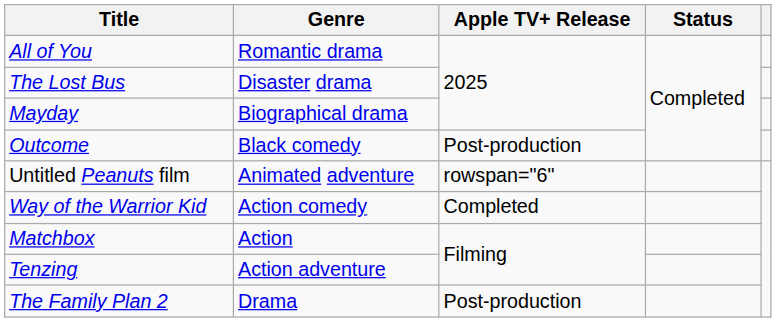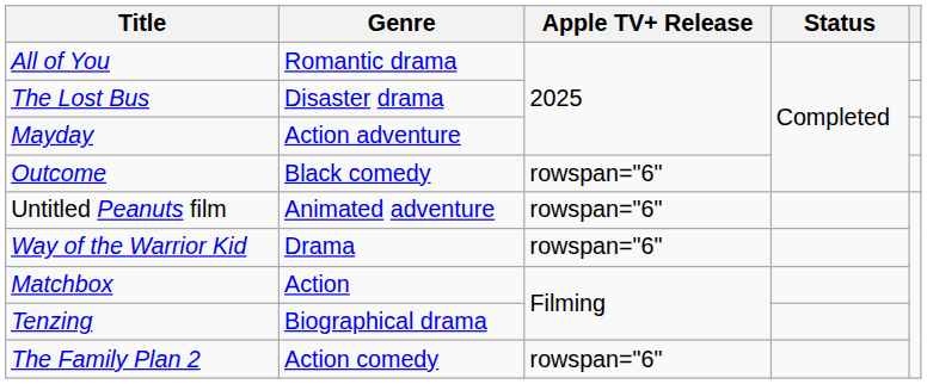 <table class="wikitable sortable" style="width:100%">
 <tr>
 <th>Title</th>
 <th>Genre</th>
 <th>Apple TV+ Release</th>
 <th>Status</th>
 <th></th>
 </tr>
 <tr>
 <td><em><a href='#'>All of You</a></em></td>
 <td><a href='#'>Romantic drama</a></td>
 <td rowspan="3">2025</td>
 <td rowspan="4">Completed</td>
 <td></td>
 </tr>
 <tr>
 <td><em><a href='#'>The Lost Bus</a></em></td>
 <td><a href='#'>Disaster</a> <a href='#'>drama</a></td>
 <td></td>
 </tr>
 <tr>
 <td><em><a href='#'>Mayday</a></em></td>
-<td><a href='#'>Biographical drama</a></td>
+<td><a href='#'>Action adventure</a></td>
 <td></td>
 </tr>
 <tr>
 <td><em><a href='#'>Outcome</a></em></td>
 <td><a href='#'>Black comedy</a></td>
-<td>Post-production</td>
+<td>rowspan="6" </td>
 <td></td>
 </tr>
 <tr>
 <td>Untitled <em><a href='#'>Peanuts</a></em> film</td>
 <td><a href='#'>Animated</a> <a href='#'>adventure</a></td>
 <td>rowspan="6" </td>
 <td></td>
 </tr>
 <tr>
 <td><em><a href='#'>Way of the Warrior Kid</a></em></td>
-<td><a href='#'>Action comedy</a></td>
-<td>Completed</td>
+<td><a href='#'>Drama</a></td>
+<td>rowspan="6" </td>
 <td></td>
 </tr>
 <tr>
 <td><em><a href='#'>Matchbox</a></em></td>
 <td><a href='#'>Action</a></td>
 <td rowspan="2">Filming</td>
 <td></td>
 </tr>
 <tr>
 <td><em><a href='#'>Tenzing</a></em></td>
-<td><a href='#'>Action adventure</a></td>
+<td><a href='#'>Biographical drama</a></td>
 <td></td>
 </tr>
 <tr>
 <td><em><a href='#'>The Family Plan 2</a></em></td>
-<td><a href='#'>Drama</a></td>
-<td>Post-production</td>
+<td><a href='#'>Action comedy</a></td>
+<td>rowspan="6" </td>
 <td></td>
 </tr>
 </table>
